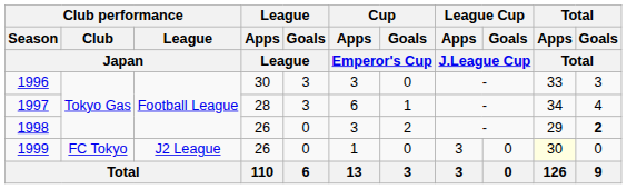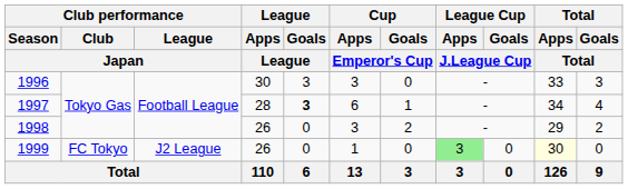 <table class="wikitable" style="text-align:center;">
 <tr>
 <th colspan=3>Club performance</th>
 <th colspan=2>League</th>
 <th colspan=2>Cup</th>
 <th colspan=2>League Cup</th>
 <th colspan=2>Total</th>
 </tr>
 <tr>
 <th>Season</th>
 <th>Club</th>
 <th>League</th>
 <th>Apps</th>
 <th>Goals</th>
 <th>Apps</th>
 <th>Goals</th>
 <th>Apps</th>
 <th>Goals</th>
 <th>Apps</th>
 <th>Goals</th>
 </tr>
 <tr>
 <th colspan=3>Japan</th>
 <th colspan=2>League</th>
 <th colspan=2><a href='#'>Emperor's Cup</a></th>
 <th colspan=2><a href='#'>J.League Cup</a></th>
 <th colspan=2>Total</th>
 </tr>
 <tr>
 <td><a href='#'>1996</a></td>
 <td rowspan="3"><a href='#'>Tokyo Gas</a></td>
 <td rowspan="3"><a href='#'>Football League</a></td>
 <td>30</td>
 <td>3</td>
 <td>3</td>
 <td>0</td>
 <td colspan="2">-</td>
 <td>33</td>
 <td>3</td>
 </tr>
 <tr>
 <td><a href='#'>1997</a></td>
 <td>28</td>
-<td>3</td>
+<td><strong>3</strong></td>
 <td>6</td>
 <td>1</td>
 <td colspan="2">-</td>
 <td>34</td>
 <td>4</td>
 </tr>
 <tr>
 <td><a href='#'>1998</a></td>
 <td>26</td>
 <td>0</td>
 <td>3</td>
 <td>2</td>
 <td colspan="2">-</td>
 <td>29</td>
-<td><strong>2</strong></td>
+<td>2</td>
 </tr>
 <tr>
 <td><a href='#'>1999</a></td>
 <td><a href='#'>FC Tokyo</a></td>
 <td><a href='#'>J2 League</a></td>
 <td>26</td>
 <td>0</td>
 <td>1</td>
 <td>0</td>
-<td>3</td>
+<td style="background: lightgreen;">3</td>
 <td>0</td>
 <td style="background: lightyellow;">30</td>
 <td>0</td>
 </tr>
 <tr>
 <th colspan=3>Total</th>
 <th>110</th>
 <th>6</th>
 <th>13</th>
 <th>3</th>
 <th>3</th>
 <th>0</th>
 <th>126</th>
 <th>9</th>
 </tr>
 </table>
